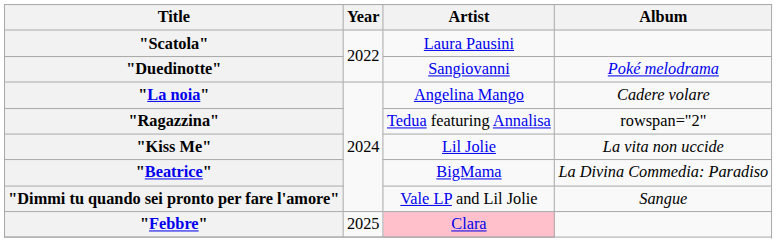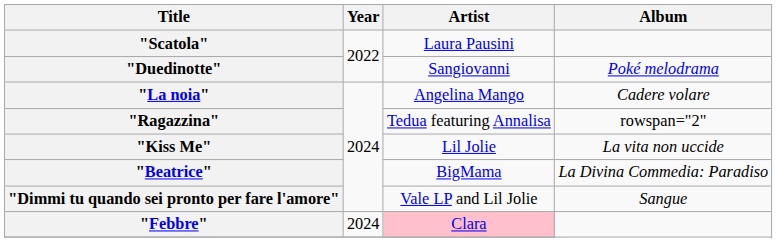 <table class="wikitable plainrowheaders" style="text-align:center;">
 <tr>
 </tr>
 <tr>
 <th scope="col">Title</th>
 <th scope="col">Year</th>
 <th scope="col">Artist</th>
 <th scope="col">Album</th>
 </tr>
 <tr>
 <th scope="row">"Scatola"<br></th>
 <td rowspan="2">2022</td>
 <td><a href='#'>Laura Pausini</a></td>
 <td></td>
 </tr>
 <tr>
 <th scope="row">"Duedinotte"<br></th>
 <td><a href='#'>Sangiovanni</a></td>
 <td><em><a href='#'>Poké melodrama</a></em></td>
 </tr>
 <tr>
 <th scope="row">"<a href='#'>La noia</a>"<br></th>
 <td rowspan="5">2024</td>
 <td><a href='#'>Angelina Mango</a></td>
 <td><em>Cadere volare</em></td>
 </tr>
 <tr>
 <th scope="row">"Ragazzina"<br></th>
 <td><a href='#'>Tedua</a> featuring <a href='#'>Annalisa</a></td>
 <td>rowspan="2" </td>
 </tr>
 <tr>
 <th scope="row">"Kiss Me"<br></th>
 <td><a href='#'>Lil Jolie</a></td>
 <td><em>La vita non uccide</em></td>
 </tr>
 <tr>
 <th scope="row">"<a href='#'>Beatrice</a>"<br></th>
 <td><a href='#'>BigMama</a></td>
 <td><em>La Divina Commedia: Paradiso</em></td>
 </tr>
 <tr>
 <th scope="row">"Dimmi tu quando sei pronto per fare l'amore"<br></th>
 <td><a href='#'>Vale LP</a> and Lil Jolie</td>
 <td><em>Sangue</em></td>
 </tr>
 <tr>
 <th scope="row">"<a href='#'>Febbre</a>"<br></th>
-<td>2025</td>
+<td>2024</td>
 <td style="background: pink;"><a href='#'>Clara</a></td>
 </tr>
 <tr>
 </tr>
 </table>
